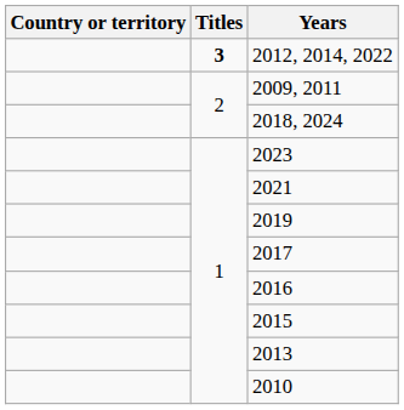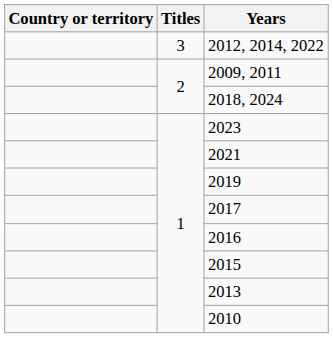 <table class="wikitable sortable" style="font-size: 95%">
 <tr>
 <th scope="col">Country or territory</th>
 <th scope="col">Titles</th>
 <th scope="col">Years</th>
 </tr>
 <tr>
 <td></td>
-<td style="text-align:center;"><strong>3</strong></td>
+<td style="text-align:center;">3</td>
 <td>2012, 2014, 2022</td>
 </tr>
 <tr>
 <td></td>
 <td rowspan="2" style="text-align:center;">2</td>
 <td>2009, 2011</td>
 </tr>
 <tr>
 <td></td>
 <td>2018, 2024</td>
 </tr>
 <tr>
 <td></td>
 <td rowspan="9" style="text-align:center;">1</td>
 <td>2023</td>
 </tr>
 <tr>
 <td></td>
 <td>2021</td>
 </tr>
 <tr>
 <td></td>
 <td>2019</td>
 </tr>
 <tr>
 <td></td>
 <td>2017</td>
 </tr>
 <tr>
 <td></td>
 <td>2016</td>
 </tr>
 <tr>
 <td></td>
 <td>2015</td>
 </tr>
 <tr>
 <td></td>
 <td>2013</td>
 </tr>
 <tr>
 <td></td>
 <td>2010</td>
 </tr>
 </table>
